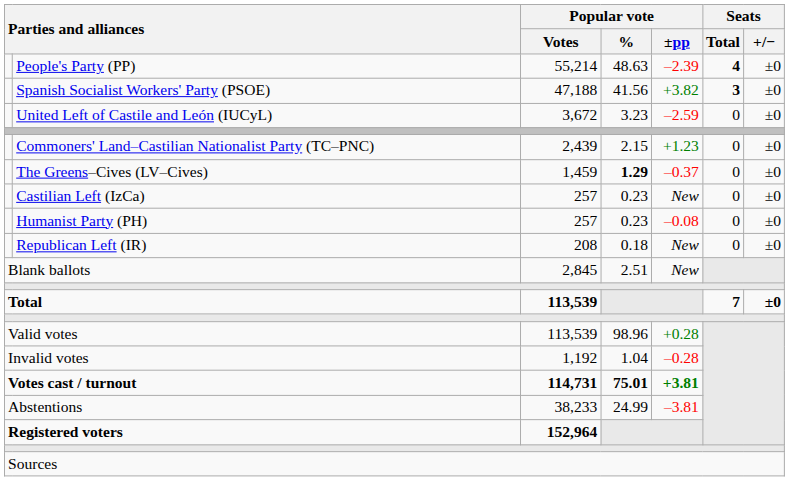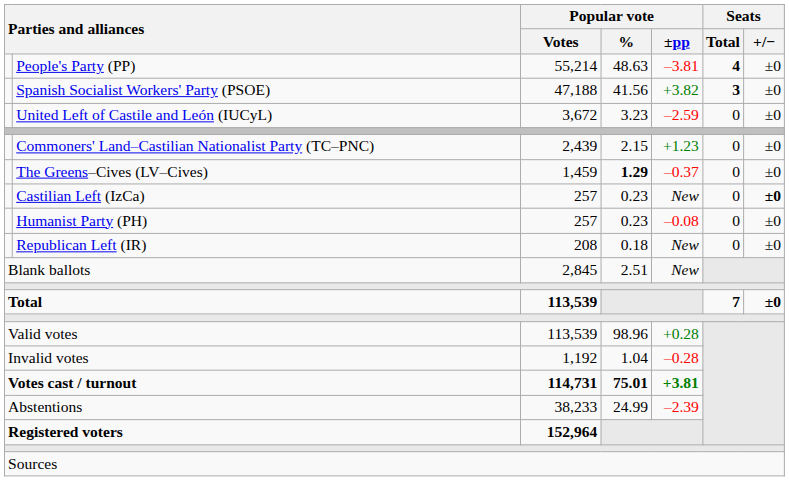 <table class="wikitable" style="text-align:right;">
 <tr>
 <th style="text-align:left;" rowspan="2" colspan="2" width="525">Parties and alliances</th>
 <th colspan="3">Popular vote</th>
 <th colspan="2">Seats</th>
 </tr>
 <tr>
 <th width="75">Votes</th>
 <th width="45">%</th>
 <th width="45">±<a href='#'>pp</a></th>
 <th width="35">Total</th>
 <th width="35">+/−</th>
 </tr>
 <tr>
 <td width="1" style="color:inherit;background:"></td>
 <td align="left"><a href='#'>People's Party</a> (PP)</td>
 <td>55,214</td>
 <td>48.63</td>
-<td style="color:red;">–2.39</td>
+<td style="color:red;">–3.81</td>
 <td><strong>4</strong></td>
 <td>±0</td>
 </tr>
 <tr>
 <td style="color:inherit;background:"></td>
 <td align="left"><a href='#'>Spanish Socialist Workers' Party</a> (PSOE)</td>
 <td>47,188</td>
 <td>41.56</td>
 <td style="color:green;">+3.82</td>
 <td><strong>3</strong></td>
 <td>±0</td>
 </tr>
 <tr>
 <td style="color:inherit;background:"></td>
 <td align="left"><a href='#'>United Left of Castile and León</a> (IUCyL)</td>
 <td>3,672</td>
 <td>3.23</td>
 <td style="color:red;">–2.59</td>
 <td>0</td>
 <td>±0</td>
 </tr>
 <tr>
 <td colspan="7" bgcolor="#C0C0C0"></td>
 </tr>
 <tr>
 <td style="color:inherit;background:"></td>
 <td align="left"><a href='#'>Commoners' Land–Castilian Nationalist Party</a> (TC–PNC)</td>
 <td>2,439</td>
 <td>2.15</td>
 <td style="color:green;">+1.23</td>
 <td>0</td>
 <td>±0</td>
 </tr>
 <tr>
 <td style="color:inherit;background:"></td>
 <td align="left"><a href='#'>The Greens</a>–Cives (LV–Cives)</td>
 <td>1,459</td>
 <td><strong>1.29</strong></td>
 <td style="color:red;">–0.37</td>
 <td>0</td>
 <td>±0</td>
 </tr>
 <tr>
 <td style="color:inherit;background:"></td>
 <td align="left"><a href='#'>Castilian Left</a> (IzCa)</td>
 <td>257</td>
 <td>0.23</td>
 <td><em>New</em></td>
 <td>0</td>
-<td>±0</td>
+<td><strong>±0</strong></td>
 </tr>
 <tr>
 <td style="color:inherit;background:"></td>
 <td align="left"><a href='#'>Humanist Party</a> (PH)</td>
 <td>257</td>
 <td>0.23</td>
 <td style="color:red;">–0.08</td>
 <td>0</td>
 <td>±0</td>
 </tr>
 <tr>
 <td style="color:inherit;background:"></td>
 <td align="left"><a href='#'>Republican Left</a> (IR)</td>
 <td>208</td>
 <td>0.18</td>
 <td><em>New</em></td>
 <td>0</td>
 <td>±0</td>
 </tr>
 <tr>
 <td align="left" colspan="2">Blank ballots</td>
 <td>2,845</td>
 <td>2.51</td>
 <td><em>New</em></td>
 <td bgcolor="#E9E9E9" colspan="2"></td>
 </tr>
 <tr>
 <td colspan="7" bgcolor="#E9E9E9"></td>
 </tr>
 <tr style="font-weight:bold;">
 <td align="left" colspan="2">Total</td>
 <td>113,539</td>
 <td bgcolor="#E9E9E9" colspan="2"></td>
 <td>7</td>
 <td>±0</td>
 </tr>
 <tr>
 <td colspan="7" bgcolor="#E9E9E9"></td>
 </tr>
 <tr>
 <td align="left" colspan="2">Valid votes</td>
 <td>113,539</td>
 <td>98.96</td>
 <td style="color:green;">+0.28</td>
 <td bgcolor="#E9E9E9" colspan="2" rowspan="5"></td>
 </tr>
 <tr>
 <td align="left" colspan="2">Invalid votes</td>
 <td>1,192</td>
 <td>1.04</td>
 <td style="color:red;">–0.28</td>
 </tr>
 <tr style="font-weight:bold;">
 <td align="left" colspan="2">Votes cast / turnout</td>
 <td>114,731</td>
 <td>75.01</td>
 <td style="color:green;">+3.81</td>
 </tr>
 <tr>
 <td align="left" colspan="2">Abstentions</td>
 <td>38,233</td>
 <td>24.99</td>
-<td style="color:red;">–3.81</td>
+<td style="color:red;">–2.39</td>
 </tr>
 <tr style="font-weight:bold;">
 <td align="left" colspan="2">Registered voters</td>
 <td>152,964</td>
 <td bgcolor="#E9E9E9" colspan="2"></td>
 </tr>
 <tr>
 <td colspan="7" bgcolor="#E9E9E9"></td>
 </tr>
 <tr>
 <td align="left" colspan="7">Sources</td>
 </tr>
 </table>
